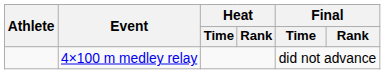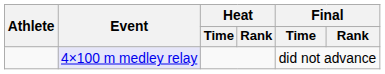 <table class="wikitable" style="text-align:center; font-size:90%">
 <tr>
 <th rowspan=2>Athlete</th>
 <th rowspan=2>Event</th>
 <th colspan=2>Heat</th>
 <th colspan=2>Final</th>
 </tr>
 <tr style="font-size:95%">
 <th>Time</th>
 <th>Rank</th>
 <th>Time</th>
 <th>Rank</th>
 </tr>
 <tr>
 <td align=left></td>
-<td align=left><a href='#'>4×100 m medley relay</a></td>
+<td align=left style="background: lavender;"><a href='#'>4×100 m medley relay</a></td>
 <td colspan=2></td>
 <td colspan=2>did not advance</td>
 </tr>
 </table>
